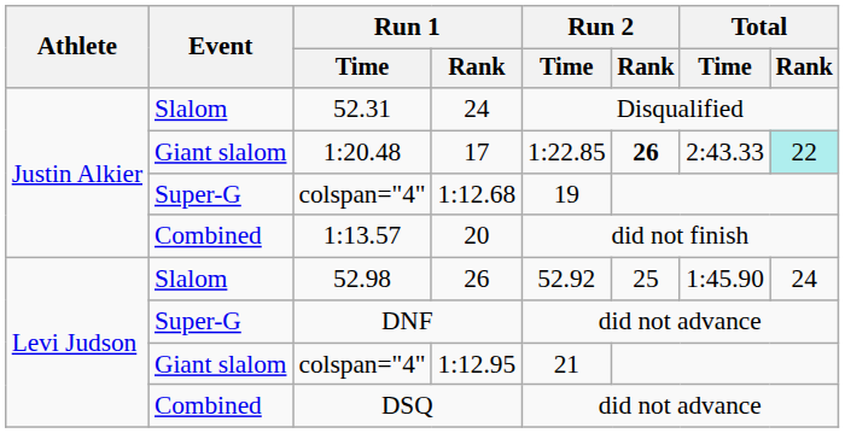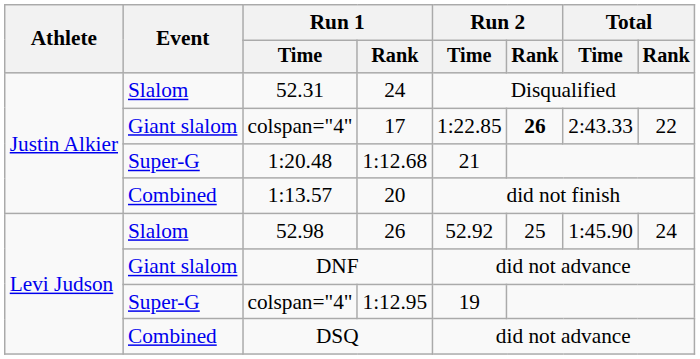 <table class="wikitable" style="font-size:90%">
 <tr>
 <th rowspan=2>Athlete</th>
 <th rowspan=2>Event</th>
 <th colspan=2>Run 1</th>
 <th colspan=2>Run 2</th>
 <th colspan=2>Total</th>
 </tr>
 <tr style="font-size:95%">
 <th>Time</th>
 <th>Rank</th>
 <th>Time</th>
 <th>Rank</th>
 <th>Time</th>
 <th>Rank</th>
 </tr>
 <tr align=center>
 <td align="left" rowspan="4"><a href='#'>Justin Alkier</a></td>
 <td align="left"><a href='#'>Slalom</a></td>
 <td>52.31</td>
 <td>24</td>
 <td colspan=4>Disqualified</td>
 </tr>
 <tr align=center>
 <td align="left"><a href='#'>Giant slalom</a></td>
-<td>1:20.48</td>
+<td>colspan="4" </td>
 <td>17</td>
 <td>1:22.85</td>
 <td><strong>26</strong></td>
 <td>2:43.33</td>
-<td style="background: paleturquoise;">22</td>
+<td>22</td>
 </tr>
 <tr align=center>
 <td align="left"><a href='#'>Super-G</a></td>
-<td>colspan="4" </td>
+<td>1:20.48</td>
 <td>1:12.68</td>
-<td>19</td>
+<td>21</td>
 </tr>
 <tr align=center>
 <td align="left"><a href='#'>Combined</a></td>
 <td>1:13.57</td>
 <td>20</td>
 <td colspan=4>did not finish</td>
 </tr>
 <tr align=center>
 <td align="left" rowspan="4"><a href='#'>Levi Judson</a></td>
 <td align="left"><a href='#'>Slalom</a></td>
 <td>52.98</td>
 <td>26</td>
 <td>52.92</td>
 <td>25</td>
 <td>1:45.90</td>
 <td>24</td>
 </tr>
 <tr align=center>
-<td align="left"><a href='#'>Super-G</a></td>
+<td align="left"><a href='#'>Giant slalom</a></td>
 <td colspan=2>DNF</td>
 <td colspan=4>did not advance</td>
 </tr>
 <tr align=center>
-<td align="left"><a href='#'>Giant slalom</a></td>
+<td align="left"><a href='#'>Super-G</a></td>
 <td>colspan="4" </td>
 <td>1:12.95</td>
-<td>21</td>
+<td>19</td>
 </tr>
 <tr align=center>
 <td align="left"><a href='#'>Combined</a></td>
 <td colspan=2>DSQ</td>
 <td colspan=4>did not advance</td>
 </tr>
 </table>
